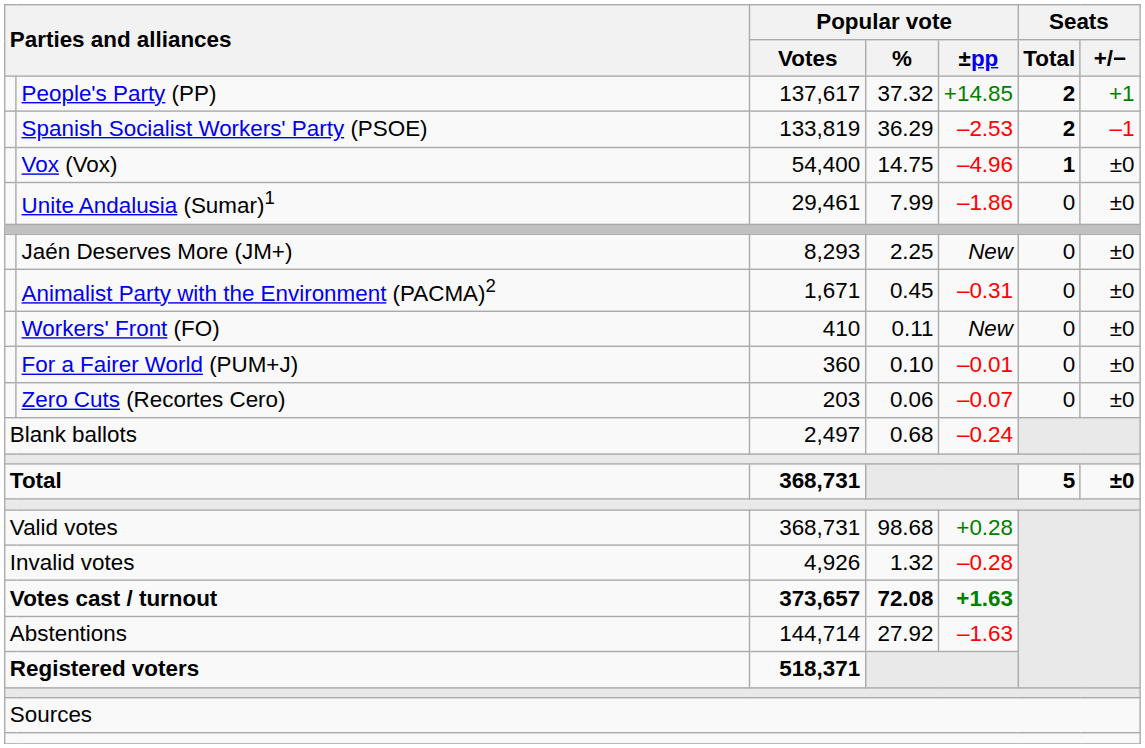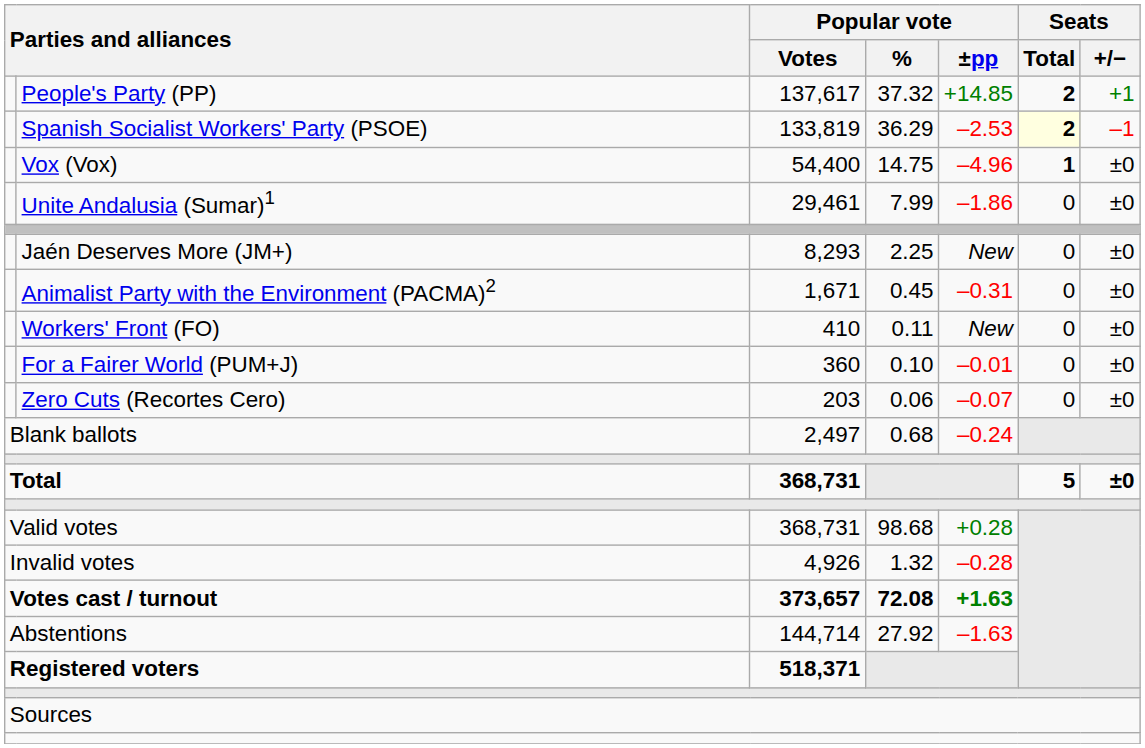 <table class="wikitable" style="text-align:right;">
 <tr>
 <th style="text-align:left;" rowspan="2" colspan="2" width="525">Parties and alliances</th>
 <th colspan="3">Popular vote</th>
 <th colspan="2">Seats</th>
 </tr>
 <tr>
 <th width="75">Votes</th>
 <th width="45">%</th>
 <th width="45">±<a href='#'>pp</a></th>
 <th width="35">Total</th>
 <th width="35">+/−</th>
 </tr>
 <tr>
 <td width="1" style="color:inherit;background:"></td>
 <td align="left"><a href='#'>People's Party</a> (PP)</td>
 <td>137,617</td>
 <td>37.32</td>
 <td style="color:green;">+14.85</td>
 <td><strong>2</strong></td>
 <td style="color:green;">+1</td>
 </tr>
 <tr>
 <td style="color:inherit;background:"></td>
 <td align="left"><a href='#'>Spanish Socialist Workers' Party</a> (PSOE)</td>
 <td>133,819</td>
 <td>36.29</td>
 <td style="color:red;">–2.53</td>
-<td><strong>2</strong></td>
+<td style="background: lightyellow;"><strong>2</strong></td>
 <td style="color:red;">–1</td>
 </tr>
 <tr>
 <td style="color:inherit;background:"></td>
 <td align="left"><a href='#'>Vox</a> (Vox)</td>
 <td>54,400</td>
 <td>14.75</td>
 <td style="color:red;">–4.96</td>
 <td><strong>1</strong></td>
 <td>±0</td>
 </tr>
 <tr>
 <td style="color:inherit;background:"></td>
 <td align="left"><a href='#'>Unite Andalusia</a> (Sumar)<sup>1</sup></td>
 <td>29,461</td>
 <td>7.99</td>
 <td style="color:red;">–1.86</td>
 <td>0</td>
 <td>±0</td>
 </tr>
 <tr>
 <td colspan="7" bgcolor="#C0C0C0"></td>
 </tr>
 <tr>
 <td style="color:inherit;background:"></td>
 <td align="left">Jaén Deserves More (JM+)</td>
 <td>8,293</td>
 <td>2.25</td>
 <td><em>New</em></td>
 <td>0</td>
 <td>±0</td>
 </tr>
 <tr>
 <td style="color:inherit;background:"></td>
 <td align="left"><a href='#'>Animalist Party with the Environment</a> (PACMA)<sup>2</sup></td>
 <td>1,671</td>
 <td>0.45</td>
 <td style="color:red;">–0.31</td>
 <td>0</td>
 <td>±0</td>
 </tr>
 <tr>
 <td style="color:inherit;background:"></td>
 <td align="left"><a href='#'>Workers' Front</a> (FO)</td>
 <td>410</td>
 <td>0.11</td>
 <td><em>New</em></td>
 <td>0</td>
 <td>±0</td>
 </tr>
 <tr>
 <td style="color:inherit;background:"></td>
 <td align="left"><a href='#'>For a Fairer World</a> (PUM+J)</td>
 <td>360</td>
 <td>0.10</td>
 <td style="color:red;">–0.01</td>
 <td>0</td>
 <td>±0</td>
 </tr>
 <tr>
 <td style="color:inherit;background:"></td>
 <td align="left"><a href='#'>Zero Cuts</a> (Recortes Cero)</td>
 <td>203</td>
 <td>0.06</td>
 <td style="color:red;">–0.07</td>
 <td>0</td>
 <td>±0</td>
 </tr>
 <tr>
 <td align="left" colspan="2">Blank ballots</td>
 <td>2,497</td>
 <td>0.68</td>
 <td style="color:red;">–0.24</td>
 <td bgcolor="#E9E9E9" colspan="2"></td>
 </tr>
 <tr>
 <td colspan="7" bgcolor="#E9E9E9"></td>
 </tr>
 <tr style="font-weight:bold;">
 <td align="left" colspan="2">Total</td>
 <td>368,731</td>
 <td bgcolor="#E9E9E9" colspan="2"></td>
 <td>5</td>
 <td>±0</td>
 </tr>
 <tr>
 <td colspan="7" bgcolor="#E9E9E9"></td>
 </tr>
 <tr>
 <td align="left" colspan="2">Valid votes</td>
 <td>368,731</td>
 <td>98.68</td>
 <td style="color:green;">+0.28</td>
 <td bgcolor="#E9E9E9" colspan="2" rowspan="5"></td>
 </tr>
 <tr>
 <td align="left" colspan="2">Invalid votes</td>
 <td>4,926</td>
 <td>1.32</td>
 <td style="color:red;">–0.28</td>
 </tr>
 <tr style="font-weight:bold;">
 <td align="left" colspan="2">Votes cast / turnout</td>
 <td>373,657</td>
 <td>72.08</td>
 <td style="color:green;">+1.63</td>
 </tr>
 <tr>
 <td align="left" colspan="2">Abstentions</td>
 <td>144,714</td>
 <td>27.92</td>
 <td style="color:red;">–1.63</td>
 </tr>
 <tr style="font-weight:bold;">
 <td align="left" colspan="2">Registered voters</td>
 <td>518,371</td>
 <td bgcolor="#E9E9E9" colspan="2"></td>
 </tr>
 <tr>
 <td colspan="7" bgcolor="#E9E9E9"></td>
 </tr>
 <tr>
 <td align="left" colspan="7">Sources</td>
 </tr>
 <tr>
 <td colspan="7" style="text-align:left; max-width:790px;"></td>
 </tr>
 </table>
